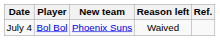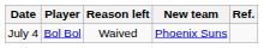 <table class="wikitable sortable sortable" style="text-align: center">
 <tr>
 <th>Date</th>
 <th>Player</th>
+<th>Reason left</th>
 <th>New team</th>
-<th>Reason left</th>
 <th>Ref.</th>
 </tr>
 <tr>
 <td>July 4</td>
 <td><a href='#'>Bol Bol</a></td>
+<td>Waived</td>
 <td><a href='#'>Phoenix Suns</a></td>
-<td>Waived</td>
 <td></td>
 </tr>
 </table>
